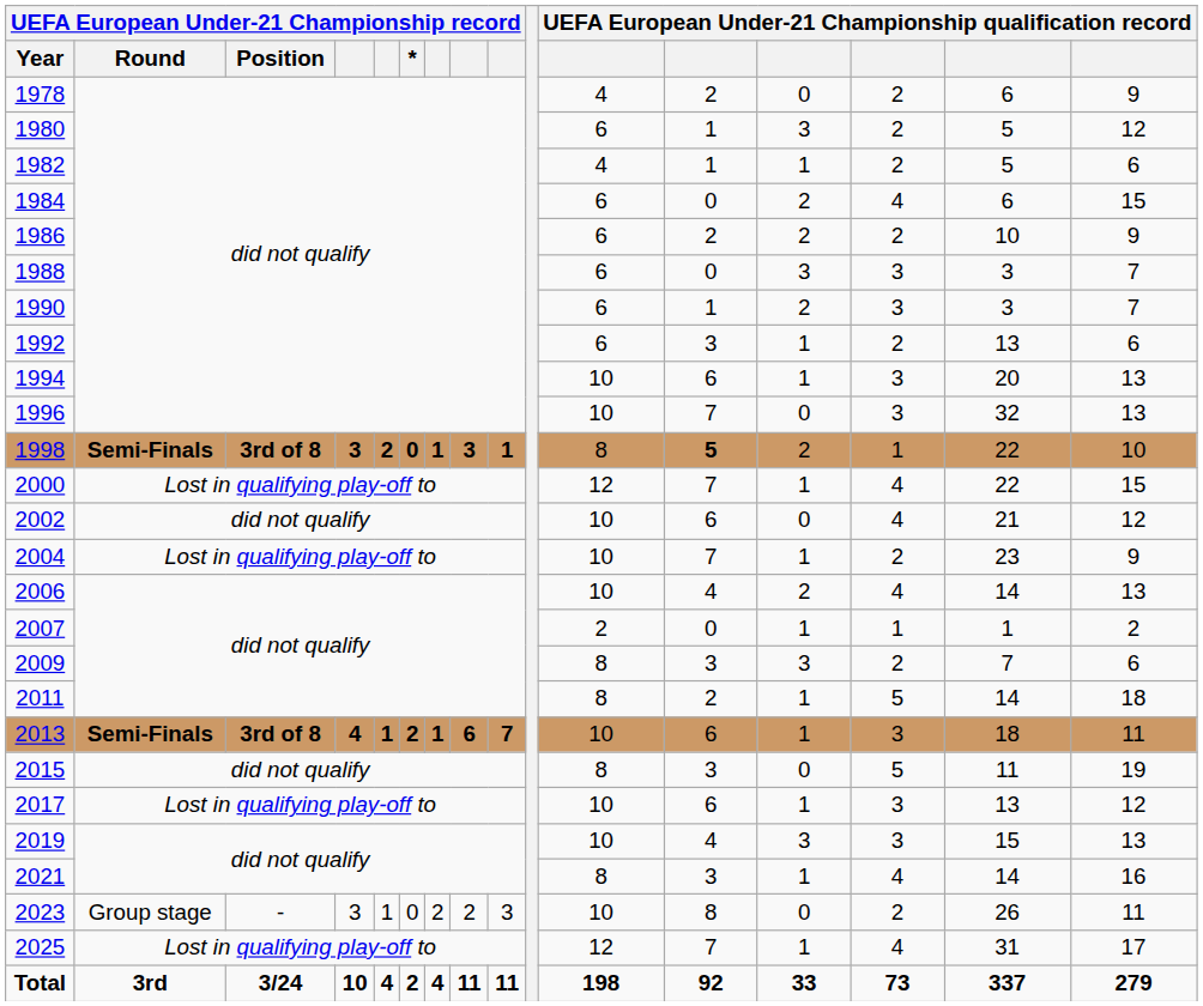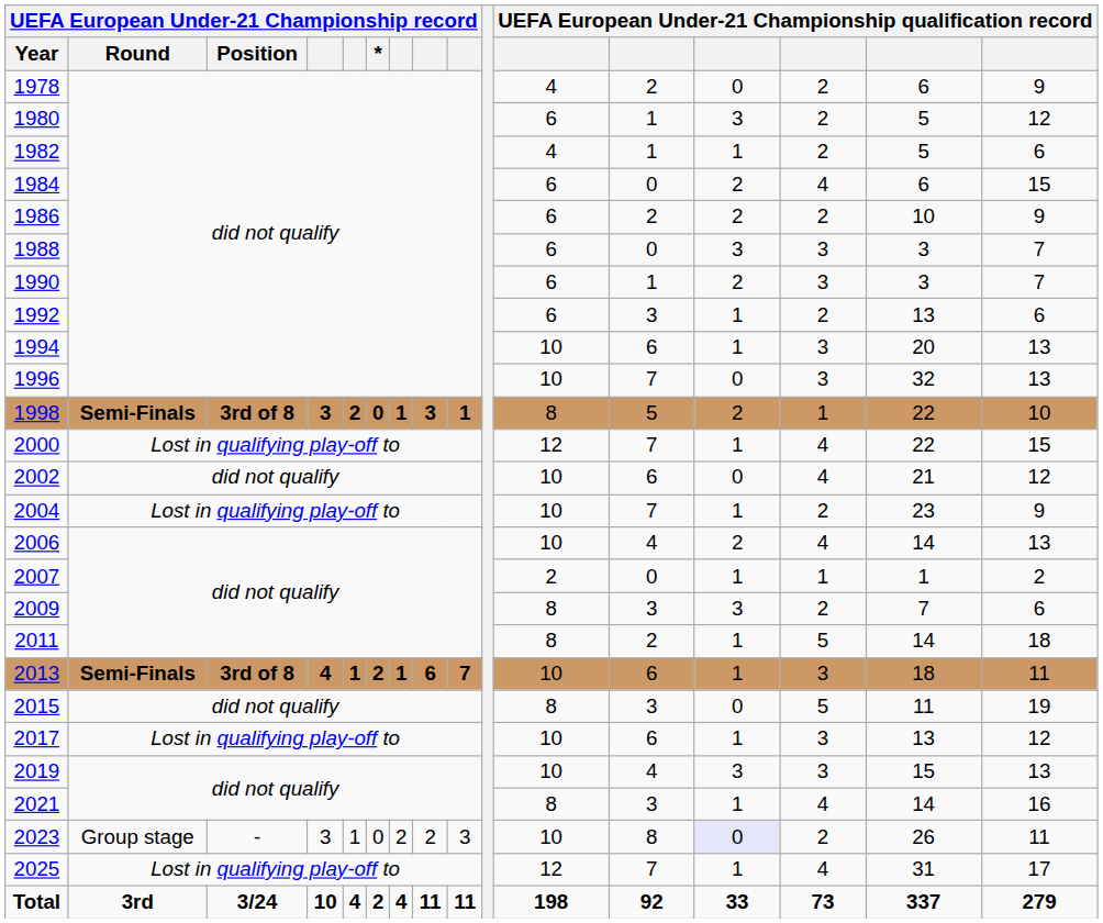 <table class="wikitable" style="text-align: center;">
 <tr>
 <th colspan=9><a href='#'>UEFA European Under-21 Championship record</a></th>
 <th style="width:1%;" rowspan="28"></th>
 <th colspan=6>UEFA European Under-21 Championship qualification record</th>
 </tr>
 <tr>
 <th>Year</th>
 <th>Round</th>
 <th>Position</th>
 <th></th>
 <th></th>
 <th> *</th>
 <th></th>
 <th></th>
 <th></th>
 <th></th>
 <th></th>
 <th></th>
 <th></th>
 <th></th>
 <th></th>
 </tr>
 <tr>
 <td> <a href='#'>1978</a></td>
 <td colspan=8 rowspan=10><em>did not qualify</em></td>
 <td>4</td>
 <td>2</td>
 <td>0</td>
 <td>2</td>
 <td>6</td>
 <td>9</td>
 </tr>
 <tr>
 <td> <a href='#'>1980</a></td>
 <td>6</td>
 <td>1</td>
 <td>3</td>
 <td>2</td>
 <td>5</td>
 <td>12</td>
 </tr>
 <tr>
 <td> <a href='#'>1982</a></td>
 <td>4</td>
 <td>1</td>
 <td>1</td>
 <td>2</td>
 <td>5</td>
 <td>6</td>
 </tr>
 <tr>
 <td> <a href='#'>1984</a></td>
 <td>6</td>
 <td>0</td>
 <td>2</td>
 <td>4</td>
 <td>6</td>
 <td>15</td>
 </tr>
 <tr>
 <td> <a href='#'>1986</a></td>
 <td>6</td>
 <td>2</td>
 <td>2</td>
 <td>2</td>
 <td>10</td>
 <td>9</td>
 </tr>
 <tr>
 <td> <a href='#'>1988</a></td>
 <td>6</td>
 <td>0</td>
 <td>3</td>
 <td>3</td>
 <td>3</td>
 <td>7</td>
 </tr>
 <tr>
 <td> <a href='#'>1990</a></td>
 <td>6</td>
 <td>1</td>
 <td>2</td>
 <td>3</td>
 <td>3</td>
 <td>7</td>
 </tr>
 <tr>
 <td> <a href='#'>1992</a></td>
 <td>6</td>
 <td>3</td>
 <td>1</td>
 <td>2</td>
 <td>13</td>
 <td>6</td>
 </tr>
 <tr>
 <td> <a href='#'>1994</a></td>
 <td>10</td>
 <td>6</td>
 <td>1</td>
 <td>3</td>
 <td>20</td>
 <td>13</td>
 </tr>
 <tr>
 <td> <a href='#'>1996</a></td>
 <td>10</td>
 <td>7</td>
 <td>0</td>
 <td>3</td>
 <td>32</td>
 <td>13</td>
 </tr>
 <tr style="background:#c96;">
 <td> <a href='#'>1998</a></td>
 <td><strong>Semi-Finals</strong></td>
 <td><strong>3rd of 8</strong></td>
 <td><strong>3</strong></td>
 <td><strong>2</strong></td>
 <td><strong>0</strong></td>
 <td><strong>1</strong></td>
 <td><strong>3</strong></td>
 <td><strong>1</strong></td>
 <td>8</td>
-<td><strong>5</strong></td>
+<td>5</td>
 <td>2</td>
 <td>1</td>
 <td>22</td>
 <td>10</td>
 </tr>
 <tr>
 <td> <a href='#'>2000</a></td>
 <td colspan=8><em>Lost in <a href='#'>qualifying play-off</a> to </em></td>
 <td>12</td>
 <td>7</td>
 <td>1</td>
 <td>4</td>
 <td>22</td>
 <td>15</td>
 </tr>
 <tr>
 <td> <a href='#'>2002</a></td>
 <td colspan=8 rowspan=1><em>did not qualify</em></td>
 <td>10</td>
 <td>6</td>
 <td>0</td>
 <td>4</td>
 <td>21</td>
 <td>12</td>
 </tr>
 <tr>
 <td> <a href='#'>2004</a></td>
 <td colspan=8><em>Lost in <a href='#'>qualifying play-off</a> to </em></td>
 <td>10</td>
 <td>7</td>
 <td>1</td>
 <td>2</td>
 <td>23</td>
 <td>9</td>
 </tr>
 <tr>
 <td> <a href='#'>2006</a></td>
 <td colspan=8 rowspan=4><em>did not qualify</em></td>
 <td>10</td>
 <td>4</td>
 <td>2</td>
 <td>4</td>
 <td>14</td>
 <td>13</td>
 </tr>
 <tr>
 <td> <a href='#'>2007</a></td>
 <td>2</td>
 <td>0</td>
 <td>1</td>
 <td>1</td>
 <td>1</td>
 <td>2</td>
 </tr>
 <tr>
 <td> <a href='#'>2009</a></td>
 <td>8</td>
 <td>3</td>
 <td>3</td>
 <td>2</td>
 <td>7</td>
 <td>6</td>
 </tr>
 <tr>
 <td> <a href='#'>2011</a></td>
 <td>8</td>
 <td>2</td>
 <td>1</td>
 <td>5</td>
 <td>14</td>
 <td>18</td>
 </tr>
 <tr style="background:#c96;">
 <td> <a href='#'>2013</a></td>
 <td><strong>Semi-Finals</strong></td>
 <td><strong>3rd of 8</strong></td>
 <td><strong>4</strong></td>
 <td><strong>1</strong></td>
 <td><strong>2</strong></td>
 <td><strong>1</strong></td>
 <td><strong>6</strong></td>
 <td><strong>7</strong></td>
 <td>10</td>
 <td>6</td>
 <td>1</td>
 <td>3</td>
 <td>18</td>
 <td>11</td>
 </tr>
 <tr>
 <td> <a href='#'>2015</a></td>
 <td colspan=8 rowspan=1><em>did not qualify</em></td>
 <td>8</td>
 <td>3</td>
 <td>0</td>
 <td>5</td>
 <td>11</td>
 <td>19</td>
 </tr>
 <tr>
 <td> <a href='#'>2017</a></td>
 <td colspan=8><em>Lost in <a href='#'>qualifying play-off</a> to </em></td>
 <td>10</td>
 <td>6</td>
 <td>1</td>
 <td>3</td>
 <td>13</td>
 <td>12</td>
 </tr>
 <tr>
 <td> <a href='#'>2019</a></td>
 <td colspan=8 rowspan=2><em>did not qualify</em></td>
 <td>10</td>
 <td>4</td>
 <td>3</td>
 <td>3</td>
 <td>15</td>
 <td>13</td>
 </tr>
 <tr>
 <td> <a href='#'>2021</a></td>
 <td>8</td>
 <td>3</td>
 <td>1</td>
 <td>4</td>
 <td>14</td>
 <td>16</td>
 </tr>
 <tr>
 <td> <a href='#'>2023</a></td>
 <td>Group stage</td>
 <td>-</td>
 <td>3</td>
 <td>1</td>
 <td>0</td>
 <td>2</td>
 <td>2</td>
 <td>3</td>
 <td>10</td>
 <td>8</td>
-<td>0</td>
+<td style="background: lavender;">0</td>
 <td>2</td>
 <td>26</td>
 <td>11</td>
 </tr>
 <tr>
 <td> <a href='#'>2025</a></td>
 <td colspan=8><em>Lost in <a href='#'>qualifying play-off</a> to </em></td>
 <td>12</td>
 <td>7</td>
 <td>1</td>
 <td>4</td>
 <td>31</td>
 <td>17</td>
 </tr>
 <tr>
 <td><strong>Total</strong></td>
 <td><strong>3rd</strong></td>
 <td><strong>3/24</strong></td>
 <td><strong>10</strong></td>
 <td><strong>4</strong></td>
 <td><strong>2</strong></td>
 <td><strong>4</strong></td>
 <td><strong>11</strong></td>
 <td><strong>11</strong></td>
 <td><strong>198</strong></td>
 <td><strong>92</strong></td>
 <td><strong>33</strong></td>
 <td><strong>73</strong></td>
 <td><strong>337</strong></td>
 <td><strong>279</strong></td>
 </tr>
 </table>
